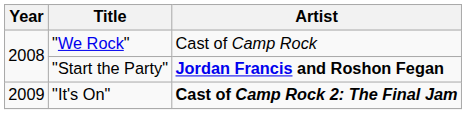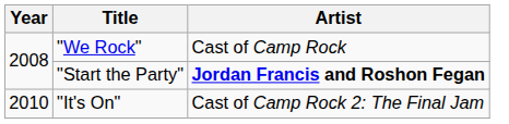 <table class="wikitable sortable">
 <tr>
 <th>Year</th>
 <th>Title</th>
 <th>Artist</th>
 </tr>
 <tr>
 <td rowspan="2'">2008</td>
 <td>"<a href='#'>We Rock</a>"<br></td>
 <td>Cast of <em>Camp Rock</em></td>
 </tr>
 <tr>
 <td>"Start the Party"</td>
 <td><strong><a href='#'>Jordan Francis</a> and Roshon Fegan</strong></td>
 </tr>
 <tr>
-<td>2009</td>
+<td>2010</td>
 <td>"It's On"</td>
-<td><strong>Cast of <em>Camp Rock 2: The Final Jam</em></strong></td>
+<td>Cast of <em>Camp Rock 2: The Final Jam</em></td>
 </tr>
 <tr>
 </tr>
 </table>
